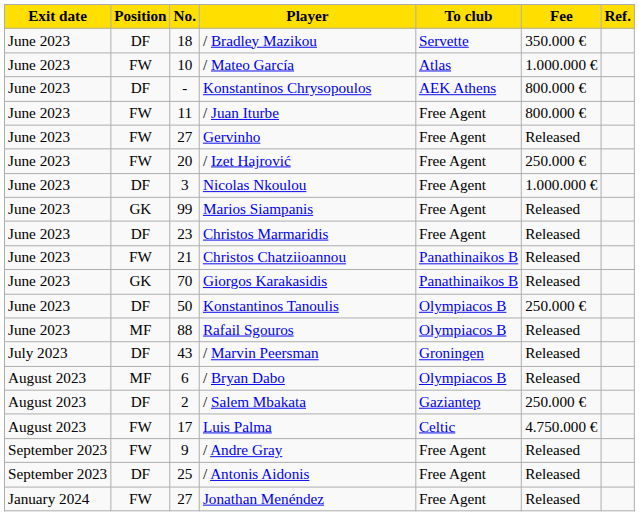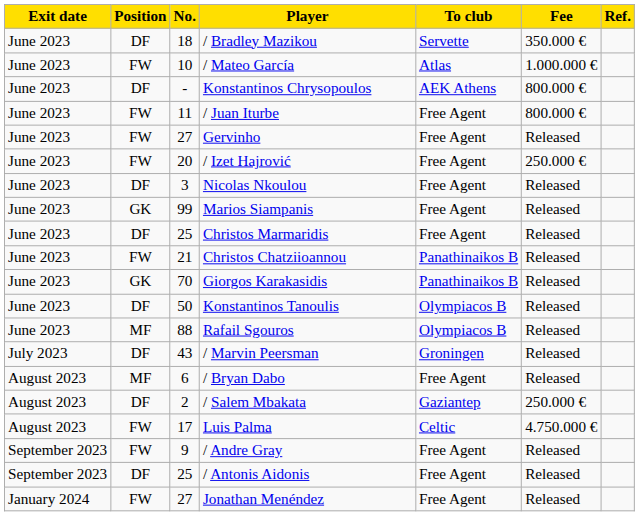 <table class="wikitable sortable">
 <tr>
 <th style="background:#FFDF00; color:black;"><strong>Exit date</strong></th>
 <th style="background:#FFDF00; color:black;"><strong>Position</strong></th>
 <th style="background:#FFDF00; color:black;"><strong>No.</strong></th>
 <th style="background:#FFDF00; color:black;"; width=220><strong>Player</strong></th>
 <th style="background:#FFDF00; color:black;"><strong>To club</strong></th>
 <th style="background:#FFDF00; color:black;"><strong>Fee</strong></th>
 <th style="background:#FFDF00; color:black;"><strong>Ref.</strong></th>
 </tr>
 <tr>
 <td>June 2023</td>
 <td style="text-align:center;">DF</td>
 <td style="text-align:center;">18</td>
 <td style="text-align:left;"> /  <a href='#'>Bradley Mazikou</a></td>
 <td style="text-align:left;"> <a href='#'>Servette</a></td>
 <td>350.000 €</td>
 <td></td>
 </tr>
 <tr>
 <td>June 2023</td>
 <td style="text-align:center;">FW</td>
 <td style="text-align:center;">10</td>
 <td style="text-align:left;"> /  <a href='#'>Mateo García</a></td>
 <td style="text-align:left;"> <a href='#'>Atlas</a></td>
 <td>1.000.000 €</td>
 <td></td>
 </tr>
 <tr>
 <td>June 2023</td>
 <td style="text-align:center;">DF</td>
 <td style="text-align:center;">-</td>
 <td style="text-align:left;"> <a href='#'>Konstantinos Chrysopoulos</a></td>
 <td style="text-align:left;"> <a href='#'>AEK Athens</a></td>
 <td>800.000 €</td>
 <td></td>
 </tr>
 <tr>
 <td>June 2023</td>
 <td style="text-align:center;">FW</td>
 <td style="text-align:center;">11</td>
 <td style="text-align:left;"> /  <a href='#'>Juan Iturbe</a></td>
 <td style="text-align:left;">Free Agent</td>
 <td>800.000 €</td>
 <td></td>
 </tr>
 <tr>
 <td>June 2023</td>
 <td style="text-align:center;">FW</td>
 <td style="text-align:center;">27</td>
 <td style="text-align:left;"> <a href='#'>Gervinho</a></td>
 <td style="text-align:left;">Free Agent</td>
 <td>Released</td>
 <td></td>
 </tr>
 <tr>
 <td>June 2023</td>
 <td style="text-align:center;">FW</td>
 <td style="text-align:center;">20</td>
 <td style="text-align:left;"> /  <a href='#'>Izet Hajrović</a></td>
 <td style="text-align:left;">Free Agent</td>
 <td>250.000 €</td>
 <td></td>
 </tr>
 <tr>
 <td>June 2023</td>
 <td style="text-align:center;">DF</td>
 <td style="text-align:center;">3</td>
 <td style="text-align:left;"> <a href='#'>Nicolas Nkoulou</a></td>
 <td style="text-align:left;">Free Agent</td>
-<td>1.000.000 €</td>
+<td>Released</td>
 <td></td>
 </tr>
 <tr>
 <td>June 2023</td>
 <td style="text-align:center;">GK</td>
 <td style="text-align:center;">99</td>
 <td style="text-align:left;"> <a href='#'>Marios Siampanis</a></td>
 <td style="text-align:left;">Free Agent</td>
 <td>Released</td>
 <td></td>
 </tr>
 <tr>
 <td>June 2023</td>
 <td style="text-align:center;">DF</td>
-<td style="text-align:center;">23</td>
+<td style="text-align:center;">25</td>
 <td style="text-align:left;"> <a href='#'>Christos Marmaridis</a></td>
 <td style="text-align:left;">Free Agent</td>
 <td>Released</td>
 <td></td>
 </tr>
 <tr>
 <td>June 2023</td>
 <td style="text-align:center;">FW</td>
 <td style="text-align:center;">21</td>
 <td style="text-align:left;"> <a href='#'>Christos Chatziioannou</a></td>
 <td style="text-align:left;"> <a href='#'>Panathinaikos B</a></td>
 <td>Released</td>
 <td></td>
 </tr>
 <tr>
 <td>June 2023</td>
 <td style="text-align:center;">GK</td>
 <td style="text-align:center;">70</td>
 <td style="text-align:left;"> <a href='#'>Giorgos Karakasidis</a></td>
 <td style="text-align:left;"> <a href='#'>Panathinaikos B</a></td>
 <td>Released</td>
 <td></td>
 </tr>
 <tr>
 <td>June 2023</td>
 <td style="text-align:center;">DF</td>
 <td style="text-align:center;">50</td>
 <td style="text-align:left;"> <a href='#'>Konstantinos Tanoulis</a></td>
 <td style="text-align:left;"> <a href='#'>Olympiacos B</a></td>
-<td>250.000 €</td>
+<td>Released</td>
 <td></td>
 </tr>
 <tr>
 <td>June 2023</td>
 <td style="text-align:center;">MF</td>
 <td style="text-align:center;">88</td>
 <td style="text-align:left;"> <a href='#'>Rafail Sgouros</a></td>
 <td style="text-align:left;"> <a href='#'>Olympiacos B</a></td>
 <td>Released</td>
 <td></td>
 </tr>
 <tr>
 <td>July 2023</td>
 <td style="text-align:center;">DF</td>
 <td style="text-align:center;">43</td>
 <td style="text-align:left;"> /  <a href='#'>Marvin Peersman</a></td>
 <td style="text-align:left;"> <a href='#'>Groningen</a></td>
 <td>Released</td>
 <td></td>
 </tr>
 <tr>
 <td>August 2023</td>
 <td style="text-align:center;">MF</td>
 <td style="text-align:center;">6</td>
 <td style="text-align:left;"> /  <a href='#'>Bryan Dabo</a></td>
-<td style="text-align:left;"> <a href='#'>Olympiacos B</a></td>
+<td style="text-align:left;">Free Agent</td>
 <td>Released</td>
 <td></td>
 </tr>
 <tr>
 <td>August 2023</td>
 <td style="text-align:center;">DF</td>
 <td style="text-align:center;">2</td>
 <td style="text-align:left;"> /  <a href='#'>Salem Mbakata</a></td>
 <td style="text-align:left;"> <a href='#'>Gaziantep</a></td>
 <td>250.000 €</td>
 <td></td>
 </tr>
 <tr>
 <td>August 2023</td>
 <td style="text-align:center;">FW</td>
 <td style="text-align:center;">17</td>
 <td style="text-align:left;"> <a href='#'>Luis Palma</a></td>
 <td style="text-align:left;"> <a href='#'>Celtic</a></td>
 <td>4.750.000 €</td>
 <td></td>
 </tr>
 <tr>
 <td>September 2023</td>
 <td style="text-align:center;">FW</td>
 <td style="text-align:center;">9</td>
 <td style="text-align:left;"> /  <a href='#'>Andre Gray</a></td>
 <td style="text-align:left;">Free Agent</td>
 <td>Released</td>
 <td></td>
 </tr>
 <tr>
 <td>September 2023</td>
 <td style="text-align:center;">DF</td>
 <td style="text-align:center;">25</td>
 <td style="text-align:left;"> /  <a href='#'>Antonis Aidonis</a></td>
 <td style="text-align:left;">Free Agent</td>
 <td>Released</td>
 <td></td>
 </tr>
 <tr>
 <td>January 2024</td>
 <td style="text-align:center;">FW</td>
 <td style="text-align:center;">27</td>
 <td style="text-align:left;"> <a href='#'>Jonathan Menéndez</a></td>
 <td style="text-align:left;">Free Agent</td>
 <td>Released</td>
 <td></td>
 </tr>
 </table>
